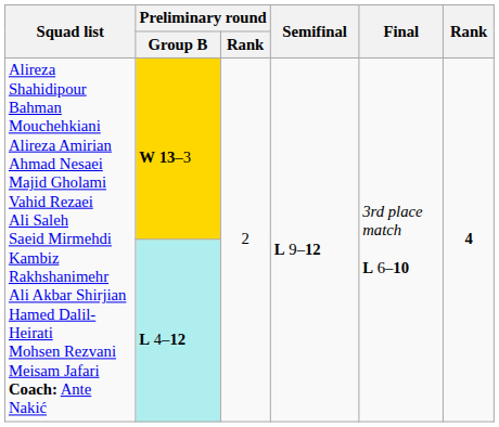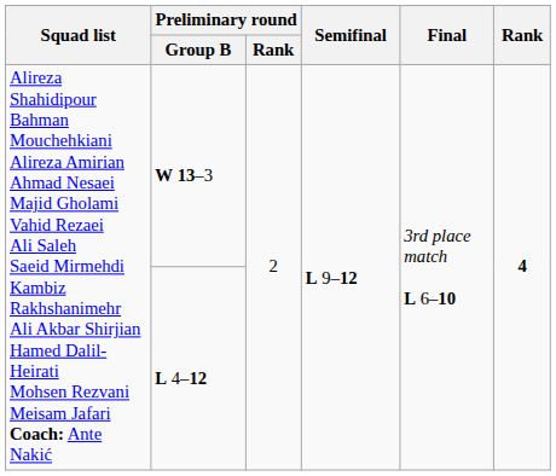 <table class="wikitable" width="71%" style="text-align:left; font-size:90%">
 <tr>
 <th rowspan="2" width="20%">Squad list</th>
 <th colspan="2">Preliminary round</th>
 <th rowspan="2" width="14%">Semifinal</th>
 <th rowspan="2" width="14%">Final</th>
 <th rowspan="2" width="5%">Rank</th>
 </tr>
 <tr>
 <th width="14%">Group B</th>
 <th width="5%">Rank</th>
 </tr>
 <tr>
 <td rowspan="2"><a href='#'>Alireza Shahidipour</a><br><a href='#'>Bahman Mouchehkiani</a><br><a href='#'>Alireza Amirian</a><br><a href='#'>Ahmad Nesaei</a><br><a href='#'>Majid Gholami</a><br><a href='#'>Vahid Rezaei</a><br><a href='#'>Ali Saleh</a><br><a href='#'>Saeid Mirmehdi</a><br><a href='#'>Kambiz Rakhshanimehr</a><br><a href='#'>Ali Akbar Shirjian</a><br><a href='#'>Hamed Dalil-Heirati</a><br><a href='#'>Mohsen Rezvani</a><br><a href='#'>Meisam Jafari</a><br><strong>Coach:</strong>  <a href='#'>Ante Nakić</a></td>
-<td style="background: gold;"><br><strong>W</strong> <strong>13</strong>–3</td>
+<td><br><strong>W</strong> <strong>13</strong>–3</td>
 <td rowspan="2" align=center>2 <strong></strong></td>
 <td rowspan="2"><br><strong>L</strong> 9–<strong>12</strong></td>
 <td rowspan="2"><em>3rd place match</em><br><br><strong>L</strong> 6–<strong>10</strong></td>
 <td rowspan="2" align="center"><strong>4</strong></td>
 </tr>
 <tr>
-<td style="background: paleturquoise;"><br><strong>L</strong> 4–<strong>12</strong></td>
+<td><br><strong>L</strong> 4–<strong>12</strong></td>
 </tr>
 </table>
